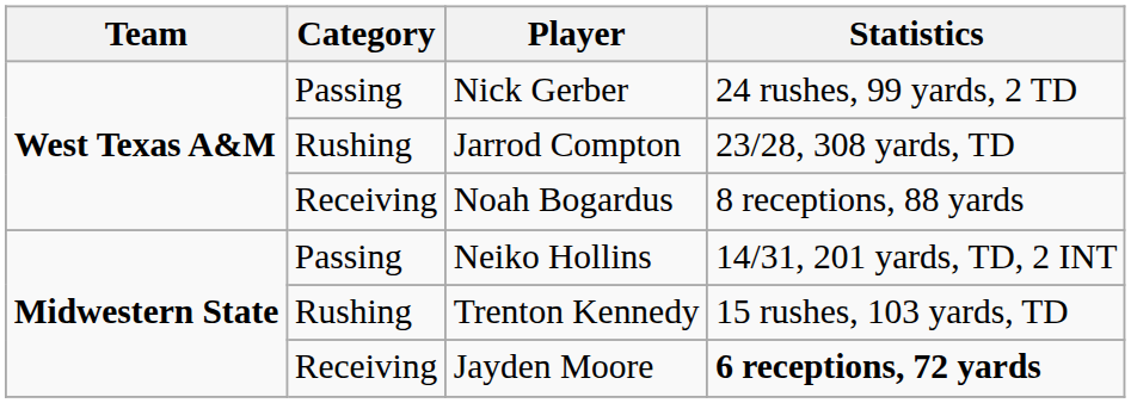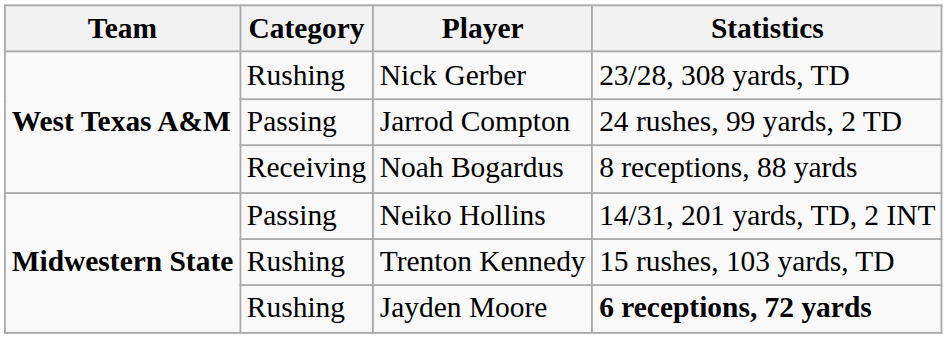 <table class="wikitable" style="float: left;">
 <tr>
 <th>Team</th>
 <th>Category</th>
 <th>Player</th>
 <th>Statistics</th>
 </tr>
 <tr>
 <td rowspan=3><strong>West Texas A&M</strong></td>
-<td>Passing</td>
+<td>Rushing</td>
 <td>Nick Gerber</td>
-<td>24 rushes, 99 yards, 2 TD</td>
+<td>23/28, 308 yards, TD</td>
 </tr>
 <tr>
-<td>Rushing</td>
+<td>Passing</td>
 <td>Jarrod Compton</td>
-<td>23/28, 308 yards, TD</td>
+<td>24 rushes, 99 yards, 2 TD</td>
 </tr>
 <tr>
 <td>Receiving</td>
 <td>Noah Bogardus</td>
 <td>8 receptions, 88 yards</td>
 </tr>
 <tr>
 <td rowspan=3><strong>Midwestern State</strong></td>
 <td>Passing</td>
 <td>Neiko Hollins</td>
 <td>14/31, 201 yards, TD, 2 INT</td>
 </tr>
 <tr>
 <td>Rushing</td>
 <td>Trenton Kennedy</td>
 <td>15 rushes, 103 yards, TD</td>
 </tr>
 <tr>
-<td>Receiving</td>
+<td>Rushing</td>
 <td>Jayden Moore</td>
 <td><strong>6 receptions, 72 yards</strong></td>
 </tr>
 </table>
